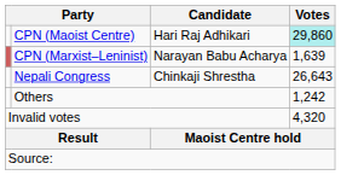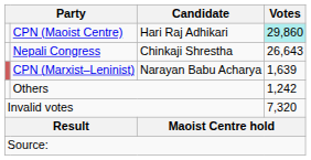 <table class="wikitable">
 <tr>
 <th colspan="2">Party</th>
 <th>Candidate</th>
 <th>Votes</th>
 </tr>
 <tr>
 <td style="background-color:"></td>
 <td><a href='#'>CPN (Maoist Centre)</a></td>
 <td>Hari Raj Adhikari</td>
 <td style="background: paleturquoise;">29,860</td>
 </tr>
 <tr>
+<td style="background-color:"></td>
+<td><a href='#'>Nepali Congress</a></td>
+<td>Chinkaji Shrestha</td>
+<td>26,643</td>
+</tr>
+<tr>
 <td style="background-color:indianred"></td>
 <td><a href='#'>CPN (Marxist–Leninist)</a></td>
 <td>Narayan Babu Acharya</td>
 <td>1,639</td>
-</tr>
-<tr>
-<td style="background-color:"></td>
-<td><a href='#'>Nepali Congress</a></td>
-<td>Chinkaji Shrestha</td>
-<td>26,643</td>
 </tr>
 <tr>
 <td></td>
 <td colspan="2">Others</td>
 <td>1,242</td>
 </tr>
 <tr>
 <td colspan="3">Invalid votes</td>
-<td>4,320</td>
+<td>7,320</td>
 </tr>
 <tr>
 <th colspan="2">Result</th>
 <th colspan="2">Maoist Centre hold</th>
 </tr>
 <tr>
 <td colspan="4">Source: </td>
 </tr>
 </table>
